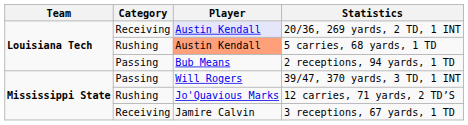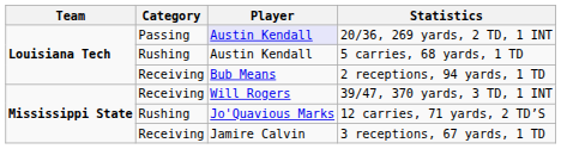 <table class="wikitable" style="float: right;">
 <tr>
 <th>Team</th>
 <th>Category</th>
 <th>Player</th>
 <th>Statistics</th>
 </tr>
 <tr>
 <td rowspan=3><strong>Louisiana Tech</strong></td>
-<td>Receiving</td>
+<td>Passing</td>
 <td style="background: lavender;"><a href='#'>Austin Kendall</a></td>
 <td>20/36, 269 yards, 2 TD, 1 INT</td>
 </tr>
 <tr>
 <td>Rushing</td>
-<td style="background: lightsalmon;">Austin Kendall</td>
+<td>Austin Kendall</td>
 <td>5 carries, 68 yards, 1 TD</td>
 </tr>
 <tr>
-<td>Passing</td>
+<td>Receiving</td>
 <td><a href='#'>Bub Means</a></td>
 <td>2 receptions, 94 yards, 1 TD</td>
 </tr>
 <tr>
 <td rowspan=3><strong>Mississippi State</strong></td>
-<td>Passing</td>
+<td>Receiving</td>
 <td><a href='#'>Will Rogers</a></td>
 <td>39/47, 370 yards, 3 TD, 1 INT</td>
 </tr>
 <tr>
 <td>Rushing</td>
 <td><a href='#'>Jo'Quavious Marks</a></td>
 <td>12 carries, 71 yards, 2 TD’S</td>
 </tr>
 <tr>
 <td>Receiving</td>
 <td>Jamire Calvin</td>
 <td>3 receptions, 67 yards, 1 TD</td>
 </tr>
 </table>
